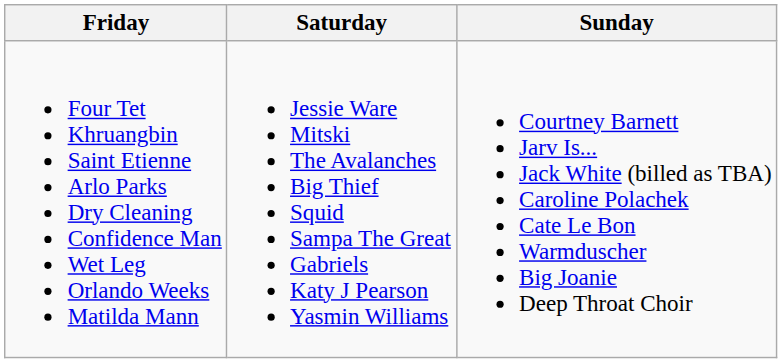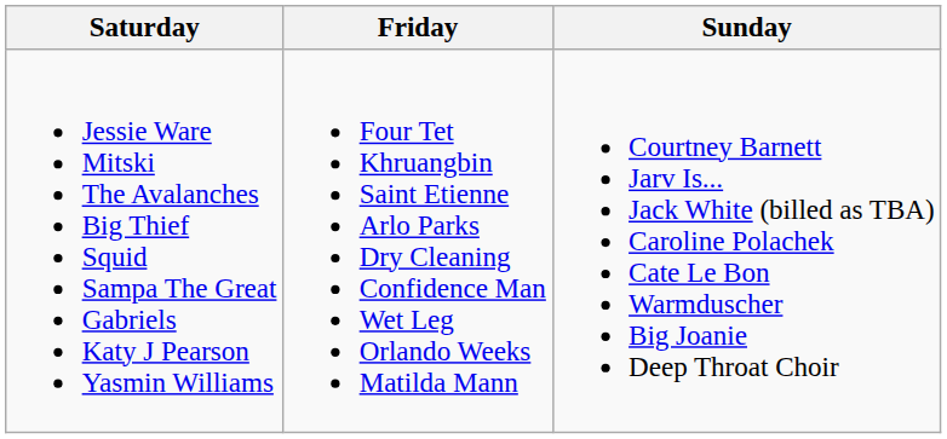 <table class="wikitable">
 <tr>
+<th>Saturday</th>
 <th>Friday</th>
-<th>Saturday</th>
 <th>Sunday</th>
 </tr>
 <tr>
+<td><br><ul><li><a href='#'>Jessie Ware</a></li><li><a href='#'>Mitski</a></li><li><a href='#'>The Avalanches</a></li><li><a href='#'>Big Thief</a></li><li><a href='#'>Squid</a></li><li><a href='#'>Sampa The Great</a></li><li><a href='#'>Gabriels</a></li><li><a href='#'>Katy J Pearson</a></li><li><a href='#'>Yasmin Williams</a></li></ul></td>
 <td><br><ul><li><a href='#'>Four Tet</a></li><li><a href='#'>Khruangbin</a></li><li><a href='#'>Saint Etienne</a></li><li><a href='#'>Arlo Parks</a></li><li><a href='#'>Dry Cleaning</a></li><li><a href='#'>Confidence Man</a></li><li><a href='#'>Wet Leg</a></li><li><a href='#'>Orlando Weeks</a></li><li><a href='#'>Matilda Mann</a></li></ul></td>
-<td><br><ul><li><a href='#'>Jessie Ware</a></li><li><a href='#'>Mitski</a></li><li><a href='#'>The Avalanches</a></li><li><a href='#'>Big Thief</a></li><li><a href='#'>Squid</a></li><li><a href='#'>Sampa The Great</a></li><li><a href='#'>Gabriels</a></li><li><a href='#'>Katy J Pearson</a></li><li><a href='#'>Yasmin Williams</a></li></ul></td>
 <td><br><ul><li><a href='#'>Courtney Barnett</a></li><li><a href='#'>Jarv Is...</a></li><li><a href='#'>Jack White</a> (billed as TBA)</li><li><a href='#'>Caroline Polachek</a></li><li><a href='#'>Cate Le Bon</a></li><li><a href='#'>Warmduscher</a></li><li><a href='#'>Big Joanie</a></li><li>Deep Throat Choir</li></ul></td>
 </tr>
 </table>
